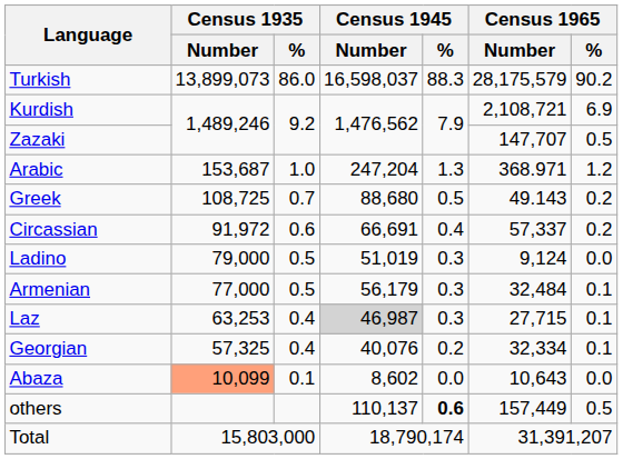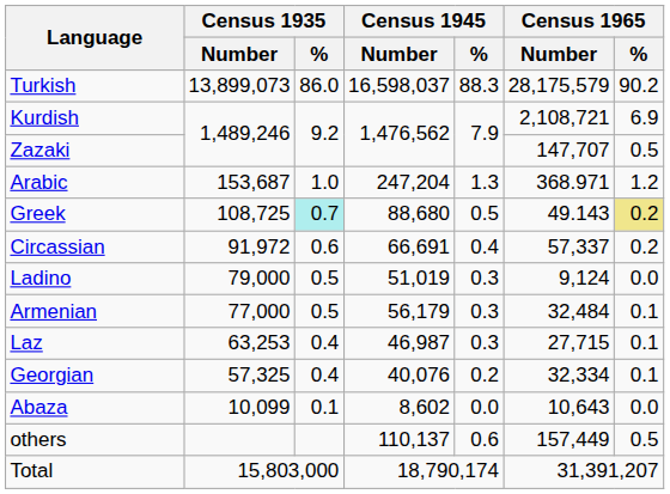 <table class="wikitable" style="text-align: right;">
 <tr style="background:#e0e0e0;">
 <th style="width:100pt;" rowspan="2">Language</th>
 <th colspan="2">Census 1935</th>
 <th colspan="2">Census 1945</th>
 <th colspan="2">Census 1965</th>
 </tr>
 <tr style="background:#e0e0e0;">
 <th>Number</th>
 <th>%</th>
 <th>Number</th>
 <th>%</th>
 <th>Number</th>
 <th>%</th>
 </tr>
 <tr>
 <td align=left><a href='#'>Turkish</a></td>
 <td>13,899,073</td>
 <td>86.0</td>
 <td>16,598,037</td>
 <td>88.3</td>
 <td>28,175,579</td>
 <td>90.2</td>
 </tr>
 <tr>
 <td align=left><a href='#'>Kurdish</a></td>
 <td rowspan="2">1,489,246</td>
 <td rowspan="2">9.2</td>
 <td rowspan="2">1,476,562</td>
 <td rowspan="2">7.9</td>
 <td>2,108,721</td>
 <td>6.9</td>
 </tr>
 <tr>
 <td align=left><a href='#'>Zazaki</a></td>
 <td>147,707</td>
 <td>0.5</td>
 </tr>
 <tr>
 <td align=left><a href='#'>Arabic</a></td>
 <td>153,687</td>
 <td>1.0</td>
 <td>247,204</td>
 <td>1.3</td>
 <td>368.971</td>
 <td>1.2</td>
 </tr>
 <tr>
 <td align=left><a href='#'>Greek</a></td>
 <td>108,725</td>
-<td>0.7</td>
+<td style="background: paleturquoise;">0.7</td>
 <td>88,680</td>
 <td>0.5</td>
 <td>49.143</td>
-<td>0.2</td>
+<td style="background: khaki;">0.2</td>
 </tr>
 <tr>
 <td align=left><a href='#'>Circassian</a></td>
 <td>91,972</td>
 <td>0.6</td>
 <td>66,691</td>
 <td>0.4</td>
 <td>57,337</td>
 <td>0.2</td>
 </tr>
 <tr>
 <td align=left><a href='#'>Ladino</a></td>
 <td>79,000</td>
 <td>0.5</td>
 <td>51,019</td>
 <td>0.3</td>
 <td>9,124</td>
 <td>0.0</td>
 </tr>
 <tr>
 <td align=left><a href='#'>Armenian</a></td>
 <td>77,000</td>
 <td>0.5</td>
 <td>56,179</td>
 <td>0.3</td>
 <td>32,484</td>
 <td>0.1</td>
 </tr>
 <tr>
 <td align=left><a href='#'>Laz</a></td>
 <td>63,253</td>
 <td>0.4</td>
-<td style="background: lightgrey;">46,987</td>
+<td>46,987</td>
 <td>0.3</td>
 <td>27,715</td>
 <td>0.1</td>
 </tr>
 <tr>
 <td align=left><a href='#'>Georgian</a></td>
 <td>57,325</td>
 <td>0.4</td>
 <td>40,076</td>
 <td>0.2</td>
 <td>32,334</td>
 <td>0.1</td>
 </tr>
 <tr>
 <td align=left><a href='#'>Abaza</a></td>
-<td style="background: lightsalmon;">10,099</td>
+<td>10,099</td>
 <td>0.1</td>
 <td>8,602</td>
 <td>0.0</td>
 <td>10,643</td>
 <td>0.0</td>
 </tr>
 <tr>
 <td align=left>others</td>
 <td></td>
 <td></td>
 <td>110,137</td>
-<td><strong>0.6</strong></td>
+<td>0.6</td>
 <td>157,449</td>
 <td>0.5</td>
 </tr>
 <tr>
 <td align=left>Total</td>
 <td colspan="2">15,803,000</td>
 <td colspan="2">18,790,174</td>
 <td colspan="2">31,391,207</td>
 </tr>
 </table>
